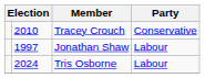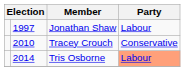 <table class="wikitable">
 <tr>
 <th colspan="2">Election</th>
 <th>Member</th>
 <th>Party</th>
+</tr>
+<tr>
+<td style="color:inherit;background-color: "></td>
+<td><a href='#'>1997</a></td>
+<td><a href='#'>Jonathan Shaw</a></td>
+<td><a href='#'>Labour</a></td>
 </tr>
 <tr>
 <td style="color:inherit;background-color: "></td>
 <td><a href='#'>2010</a></td>
 <td><a href='#'>Tracey Crouch</a></td>
 <td><a href='#'>Conservative</a></td>
 </tr>
 <tr>
 <td style="color:inherit;background-color: "></td>
-<td><a href='#'>1997</a></td>
-<td><a href='#'>Jonathan Shaw</a></td>
-<td><a href='#'>Labour</a></td>
-</tr>
-<tr>
-<td style="color:inherit;background-color: "></td>
-<td><a href='#'>2024</a></td>
+<td><a href='#'>2014</a></td>
 <td><a href='#'>Tris Osborne</a></td>
-<td><a href='#'>Labour</a></td>
+<td style="background: lightsalmon;"><a href='#'>Labour</a></td>
 </tr>
 <tr>
 </tr>
 </table>
